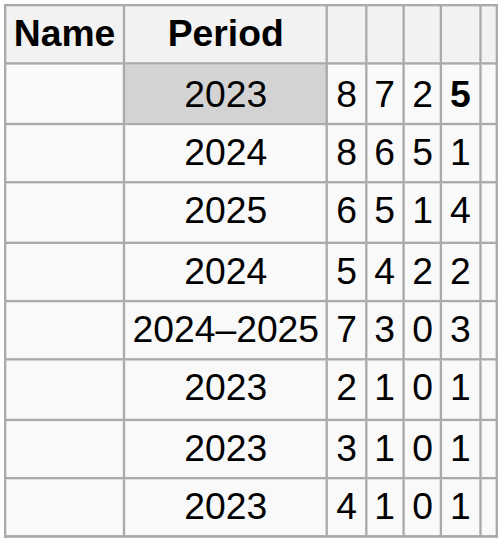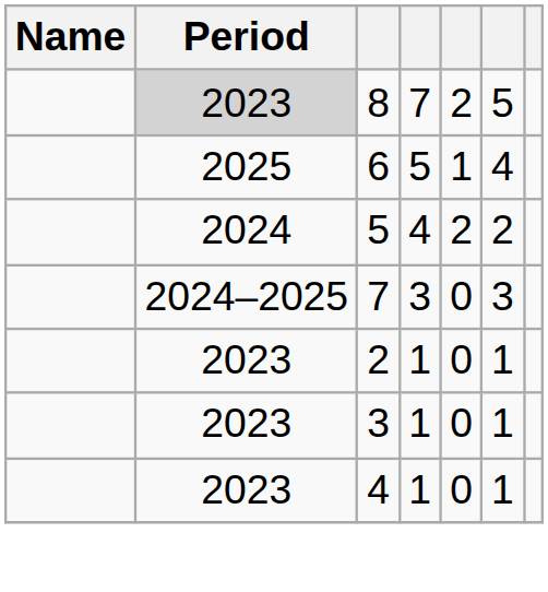 <table class="wikitable sortable" style="text-align:center">
 <tr>
 <th scope="col">Name</th>
 <th scope="col">Period</th>
 <th scope="col"></th>
 <th scope="col"></th>
 <th scope="col"></th>
 <th scope="col"></th>
 <th scope="col"></th>
 </tr>
 <tr>
 <td></td>
 <td style="background: lightgrey;">2023</td>
 <td>8</td>
 <td>7</td>
 <td>2</td>
-<td><strong>5</strong></td>
-<td></td>
-</tr>
-<tr>
-<td></td>
-<td>2024</td>
-<td>8</td>
-<td>6</td>
 <td>5</td>
-<td>1</td>
 <td></td>
 </tr>
 <tr>
 <td></td>
 <td>2025</td>
 <td>6</td>
 <td>5</td>
 <td>1</td>
 <td>4</td>
 <td></td>
 </tr>
 <tr>
 <td></td>
 <td>2024</td>
 <td>5</td>
 <td>4</td>
 <td>2</td>
 <td>2</td>
 <td></td>
 </tr>
 <tr>
 <td></td>
 <td>2024–2025</td>
 <td>7</td>
 <td>3</td>
 <td>0</td>
 <td>3</td>
 <td></td>
 </tr>
 <tr>
 <td></td>
 <td>2023</td>
 <td>2</td>
 <td>1</td>
 <td>0</td>
 <td>1</td>
 <td></td>
 </tr>
 <tr>
 <td></td>
 <td>2023</td>
 <td>3</td>
 <td>1</td>
 <td>0</td>
 <td>1</td>
 <td></td>
 </tr>
 <tr>
 <td></td>
 <td>2023</td>
 <td>4</td>
 <td>1</td>
 <td>0</td>
 <td>1</td>
 <td></td>
 </tr>
 <tr>
 </tr>
 </table>
